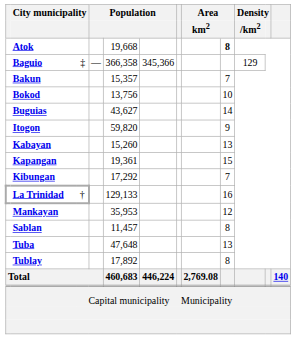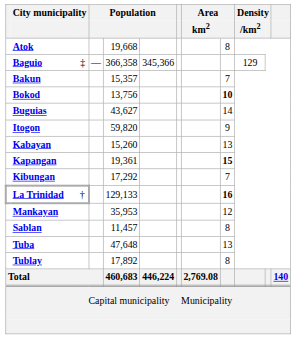 <table class="wikitable sortable" style="table-layout:fixed;text-align:right;background-color:white;font-size:95%;border-collapse:collapse;margin:auto;">
 <tr style="vertical-align:top;">
 <th scope="col" style="border-width:thin 0 0 thin;" class="unsortable" rowspan=2></th>
 <th scope="col" style="border-width:thin 0 0 0;text-align:left;" class="unsortable" colspan=2>City  municipality</th>
 <th scope="col" style="border-bottom:0;text-align:center;" class="unsortable" colspan=3>Population</th>
 <th scope="col" style="border-bottom:0;text-align:center;" class="unsortable"></th>
 <th scope="col" style="border-bottom:0;text-align:center;" class="unsortable" colspan=2>Area</th>
 <th scope="col" style="border-bottom:0;text-align:center;" class="unsortable" colspan=2>Density</th>
 <th scope="col" style="border-bottom:0;text-align:center;" class="unsortable"></th>
 </tr>
 <tr>
 <th style="border-width:0 thin thin 0;" colspan=2></th>
 <th style="border-width:0 0 thin thin;text-align:center;" colspan=2></th>
 <th style="border-width:0 thin thin 0;text-align:center;"></th>
 <th style="border-top:0;"></th>
 <th style="border-width:0 0 thin thin;text-align:center;">km<sup>2</sup></th>
 <th style="border-width:0 thin thin 0;text-align:center;" class="unsortable"></th>
 <th style="border-width:0 0 thin thin;text-align:center;">/km<sup>2</sup></th>
 <th style="border-width:0 thin thin 0;text-align:center;" class="unsortable"></th>
 <th style="border-top:0;"></th>
 </tr>
 <tr>
 <th scope="row" style="border-right:0;background-color:initial;"></th>
 <td style="text-align:left;font-weight:bold;border-left:0;" colspan=2><a href='#'>Atok</a></td>
 <td></td>
 <td>19,668</td>
 <td></td>
 <td></td>
 <td></td>
-<td style="text-align:center;"><strong>8</strong></td>
+<td style="text-align:center;">8</td>
 </tr>
 <tr>
 <th scope="row" style="border-right:0;background-color:initial;"></th>
 <td style="text-align:left;font-weight:bold;border-width:thin 0;"><a href='#'>Baguio</a></td>
 <td style="text-align:center;border-left:0;">‡</td>
 <td>—</td>
 <td>366,358</td>
 <td>345,366</td>
 <td></td>
 <td></td>
 <td></td>
 <td style="text-align:center;">129</td>
 </tr>
 <tr>
 <th scope="row" style="border-right:0;background-color:initial;"></th>
 <td style="text-align:left;font-weight:bold;border-left:0;" colspan=2><a href='#'>Bakun</a></td>
 <td></td>
 <td>15,357</td>
 <td></td>
 <td></td>
 <td></td>
 <td style="text-align:center;">7</td>
 </tr>
 <tr>
 <th scope="row" style="border-right:0;background-color:initial;"></th>
 <td style="text-align:left;font-weight:bold;border-left:0;" colspan=2><a href='#'>Bokod</a></td>
 <td></td>
 <td>13,756</td>
 <td></td>
 <td></td>
 <td></td>
-<td style="text-align:center;">10</td>
+<td style="text-align:center;"><strong>10</strong></td>
 </tr>
 <tr>
 <th scope="row" style="border-right:0;background-color:initial;"></th>
 <td style="text-align:left;font-weight:bold;border-left:0;" colspan=2><a href='#'>Buguias</a></td>
 <td></td>
 <td>43,627</td>
 <td></td>
 <td></td>
 <td></td>
 <td style="text-align:center;">14</td>
 </tr>
 <tr>
 <th scope="row" style="border-right:0;background-color:initial;"></th>
 <td style="text-align:left;font-weight:bold;border-left:0;" colspan=2><a href='#'>Itogon</a></td>
 <td></td>
 <td>59,820</td>
 <td></td>
 <td></td>
 <td></td>
 <td style="text-align:center;">9</td>
 </tr>
 <tr>
 <th scope="row" style="border-right:0;background-color:initial;"></th>
 <td style="text-align:left;font-weight:bold;border-left:0;" colspan=2><a href='#'>Kabayan</a></td>
 <td></td>
 <td>15,260</td>
 <td></td>
 <td></td>
 <td></td>
 <td style="text-align:center;">13</td>
 </tr>
 <tr>
 <th scope="row" style="border-right:0;background-color:initial;"></th>
 <td style="text-align:left;font-weight:bold;border-left:0;" colspan=2><a href='#'>Kapangan</a></td>
 <td></td>
 <td>19,361</td>
 <td></td>
 <td></td>
 <td></td>
-<td style="text-align:center;">15</td>
+<td style="text-align:center;"><strong>15</strong></td>
 </tr>
 <tr>
 <th scope="row" style="border-right:0;background-color:initial;"></th>
 <td style="text-align:left;font-weight:bold;border-left:0;" colspan=2><a href='#'>Kibungan</a></td>
 <td></td>
 <td>17,292</td>
 <td></td>
 <td></td>
 <td></td>
 <td style="text-align:center;">7</td>
 </tr>
 <tr>
 <th scope="row" style="border-width:medium 0 medium medium;background-color:initial;"></th>
 <td style="text-align:left;font-weight:bold;border-width:medium 0 medium;"><a href='#'>La Trinidad</a></td>
 <td style="border-width:medium medium medium 0;text-align:center;">†</td>
 <td></td>
 <td>129,133</td>
 <td></td>
 <td></td>
 <td></td>
-<td style="text-align:center;">16</td>
+<td style="text-align:center;"><strong>16</strong></td>
 </tr>
 <tr>
 <th scope="row" style="border-right:0;background-color:initial;"></th>
 <td style="text-align:left;font-weight:bold;border-left:0;" colspan=2><a href='#'>Mankayan</a></td>
 <td></td>
 <td>35,953</td>
 <td></td>
 <td></td>
 <td></td>
 <td style="text-align:center;">12</td>
 </tr>
 <tr>
 <th scope="row" style="border-right:0;background-color:initial;"></th>
 <td style="text-align:left;font-weight:bold;border-left:0;" colspan=2><a href='#'>Sablan</a></td>
 <td></td>
 <td>11,457</td>
 <td></td>
 <td></td>
 <td></td>
 <td style="text-align:center;">8</td>
 </tr>
 <tr>
 <th scope="row" style="border-right:0;background-color:initial;"></th>
 <td style="text-align:left;font-weight:bold;border-left:0;" colspan=2><a href='#'>Tuba</a></td>
 <td></td>
 <td>47,648</td>
 <td></td>
 <td></td>
 <td></td>
 <td style="text-align:center;">13</td>
 </tr>
 <tr>
 <th scope="row" style="border-right:0;background-color:initial;"></th>
 <td style="text-align:left;font-weight:bold;border-left:0;" colspan=2><a href='#'>Tublay</a></td>
 <td></td>
 <td>17,892</td>
 <td></td>
 <td></td>
 <td></td>
 <td style="text-align:center;">8</td>
 </tr>
 <tr class="sortbottom">
 <th scope="row" colspan=4 style="text-align:left;">Total</th>
 <th style="text-align:right;">460,683</th>
 <th style="text-align:right;">446,224</th>
 <th style="text-align:right;"></th>
 <th style="text-align:right;">2,769.08</th>
 <th></th>
 <th style="text-align:right;"></th>
 <th style="text-align:right;"></th>
 <th style="text-align:center;"><a href='#'>140</a></th>
 </tr>
 <tr class="sortbottom" style="background-color:#F2F2F2;line-height:1.3em;border-top:double grey;">
 <td colspan=2 style="border-width:thin 0 0 thin;"></td>
 <td colspan=5 style="border-width:thin 0 0 0;text-align:center;padding:0.7em 0 0 0;">Capital municipality</td>
 <td colspan=6 style="border-width:thin 0 0 0;text-align:left;padding:0.7em 0 0 0;">Municipality</td>
 </tr>
 <tr class="sortbottom" style="background-color:#F2F2F2;line-height:1.3em;">
 <td colspan=13 style="border-width:0 thin;text-align:center;padding:0;"><br></td>
 </tr>
 <tr class="sortbottom" style="background-color:#F2F2F2;line-height:1.3em;font-size:110%;border-top:0;">
 <td colspan=13 style="border-top:0;text-align:left;padding:0 10em;"><br></td>
 </tr>
 </table>
